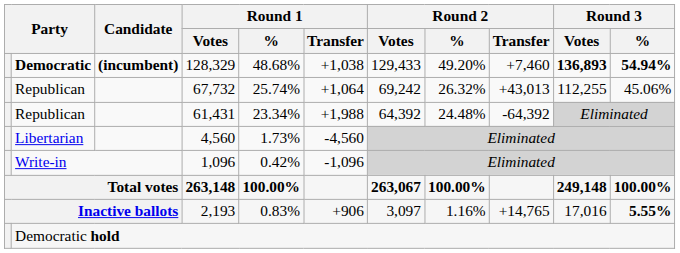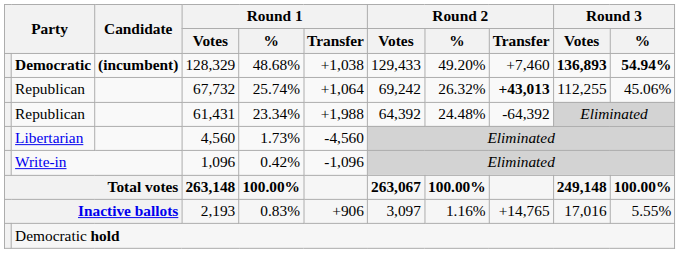 <table class="wikitable sortable" style="text-align:right">
 <tr>
 <th colspan=2 rowspan=2>Party</th>
 <th rowspan=2>Candidate</th>
 <th colspan=3>Round 1</th>
 <th colspan="3">Round 2</th>
 <th colspan=2>Round 3</th>
 </tr>
 <tr>
 <th>Votes</th>
 <th>%</th>
 <th>Transfer</th>
 <th>Votes</th>
 <th>%</th>
 <th>Transfer</th>
 <th>Votes</th>
 <th>%</th>
 </tr>
 <tr>
 <th style="background-color:"></th>
 <td style="text-align:left"><strong>Democratic</strong></td>
 <td style="text-align:left" scope="row"><strong> (incumbent)</strong></td>
 <td>128,329</td>
 <td>48.68%</td>
 <td>+1,038</td>
 <td>129,433</td>
 <td>49.20%</td>
 <td>+7,460</td>
 <td><strong>136,893</strong></td>
 <td><strong>54.94%</strong></td>
 </tr>
 <tr>
 <th style="background-color:"></th>
 <td style="text-align:left">Republican</td>
 <td style="text-align:left" scope="row"></td>
 <td>67,732</td>
 <td>25.74%</td>
 <td>+1,064</td>
 <td>69,242</td>
 <td>26.32%</td>
-<td>+43,013</td>
+<td><strong>+43,013</strong></td>
 <td>112,255</td>
 <td>45.06%</td>
 </tr>
 <tr>
 <th style="background-color:"></th>
 <td style="text-align:left">Republican</td>
 <td style="text-align:left" scope="row"></td>
 <td>61,431</td>
 <td>23.34%</td>
 <td>+1,988</td>
 <td>64,392</td>
 <td>24.48%</td>
 <td>-64,392</td>
 <td colspan="2"  style="background:lightgrey; text-align:center;"><em>Eliminated</em></td>
 </tr>
 <tr>
 <th style="background-color:"></th>
 <td style="text-align:left"><a href='#'>Libertarian</a></td>
 <td style="text-align:left" scope="row"></td>
 <td>4,560</td>
 <td>1.73%</td>
 <td>-4,560</td>
 <td colspan="5" style="background:lightgrey; text-align:center;"><em>Eliminated</em></td>
 </tr>
 <tr>
 <th style="background-color:"></th>
 <td style="text-align:left" colspan=2><a href='#'>Write-in</a></td>
 <td>1,096</td>
 <td>0.42%</td>
 <td>-1,096</td>
 <td colspan="5" style="background:lightgrey; text-align:center;"><em>Eliminated</em></td>
 </tr>
 <tr class="sortbottom" style="background-color:#F6F6F6">
 <th colspan=3 scope="row" style="text-align:right;"><strong>Total votes</strong></th>
 <td><strong>263,148</strong></td>
 <td><strong>100.00%</strong></td>
 <td></td>
 <td><strong>263,067</strong></td>
 <td><strong>100.00%</strong></td>
 <td></td>
 <td><strong>249,148</strong></td>
 <td><strong>100.00%</strong></td>
 </tr>
 <tr class="sortbottom" style="background-color:#F6F6F6">
 <th colspan=3 scope="row" style="text-align:right;"><a href='#'>Inactive ballots</a></th>
 <td>2,193</td>
 <td>0.83%</td>
 <td>+906</td>
 <td>3,097</td>
 <td>1.16%</td>
 <td>+14,765</td>
 <td>17,016</td>
-<td><strong>5.55%</strong></td>
+<td>5.55%</td>
 </tr>
 <tr class="sortbottom" style="background:#f6f6f6;">
 <th style="background-color:"></th>
 <td colspan="11" style="text-align:left">Democratic <strong>hold</strong></td>
 </tr>
 </table>
